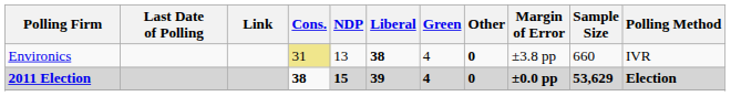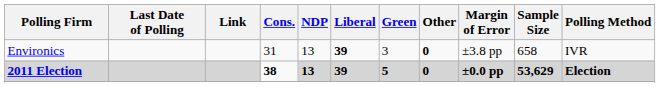 <table class="wikitable sortable">
 <tr style="background:#e9e9e9;">
 <th style="width:120px">Polling Firm</th>
 <th style="width:110px">Last Date<br>of Polling</th>
 <th style="width:60px" class="unsortable">Link</th>
 <th style="background-color:"><strong><a href='#'>Cons.</a></strong></th>
 <th style="background-color:"><strong><a href='#'>NDP</a></strong></th>
 <th style="background-color:"><strong><a href='#'>Liberal</a></strong></th>
 <th style="background-color:"><strong><a href='#'>Green</a></strong></th>
 <th style="background-color:"><strong>Other</strong></th>
 <th style="width:60px;" class=unsortable>Margin<br>of Error</th>
 <th style="width:50px;" class=unsortable>Sample<br>Size</th>
 <th class=unsortable>Polling Method</th>
 </tr>
 <tr>
 <td><a href='#'>Environics</a></td>
 <td></td>
 <td></td>
-<td style="background: khaki;">31</td>
+<td>31</td>
 <td>13</td>
-<td><strong>38</strong></td>
-<td>4</td>
+<td><strong>39</strong></td>
+<td>3</td>
 <td><strong>0</strong></td>
 <td>±3.8 pp</td>
-<td>660</td>
+<td>658</td>
 <td>IVR</td>
 </tr>
 <tr>
 <td style="background:#D5D5D5"><strong><a href='#'>2011 Election</a></strong></td>
 <td style="background:#D5D5D5"><strong></strong></td>
 <td style="background:#D5D5D5"></td>
 <td><strong>38</strong></td>
-<td style="background:#D5D5D5"><strong>15</strong></td>
+<td style="background:#D5D5D5"><strong>13</strong></td>
 <td style="background:#D5D5D5"><strong>39</strong></td>
-<td style="background:#D5D5D5"><strong>4</strong></td>
+<td style="background:#D5D5D5"><strong>5</strong></td>
 <td style="background:#D5D5D5"><strong>0</strong></td>
 <td style="background:#D5D5D5"><strong>±0.0 pp</strong></td>
 <td style="background:#D5D5D5"><strong>53,629</strong></td>
 <td style="background:#D5D5D5"><strong>Election</strong></td>
 </tr>
 <tr>
 </tr>
 <tr>
 </tr>
 </table>
